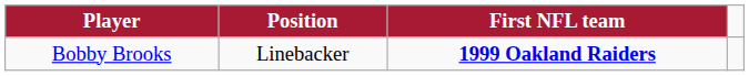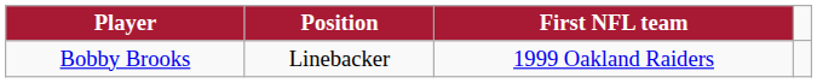 <table class="wikitable" width="65%">
 <tr align="center"  style="background:#A81933;color:#FFFFFF;">
 <td><strong>Player</strong></td>
 <td><strong>Position</strong></td>
 <td><strong>First NFL team</strong></td>
 </tr>
 <tr align="center" bgcolor="">
 <td><a href='#'>Bobby Brooks</a></td>
 <td>Linebacker</td>
-<td><strong><a href='#'>1999 Oakland Raiders</a></strong></td>
+<td><a href='#'>1999 Oakland Raiders</a></td>
 <td></td>
 </tr>
 </table>
